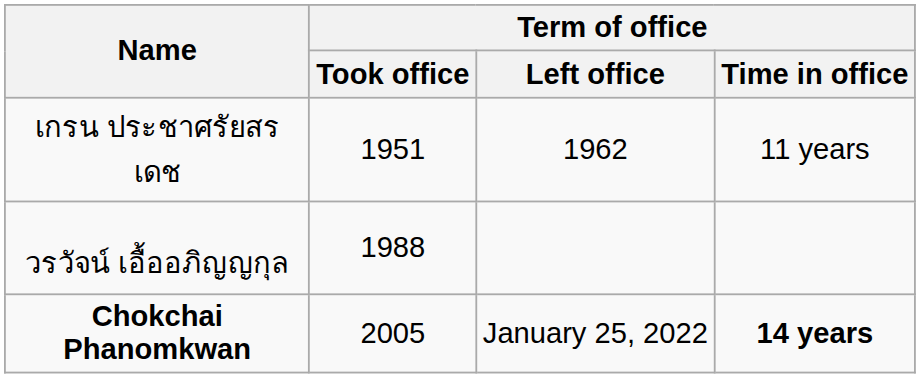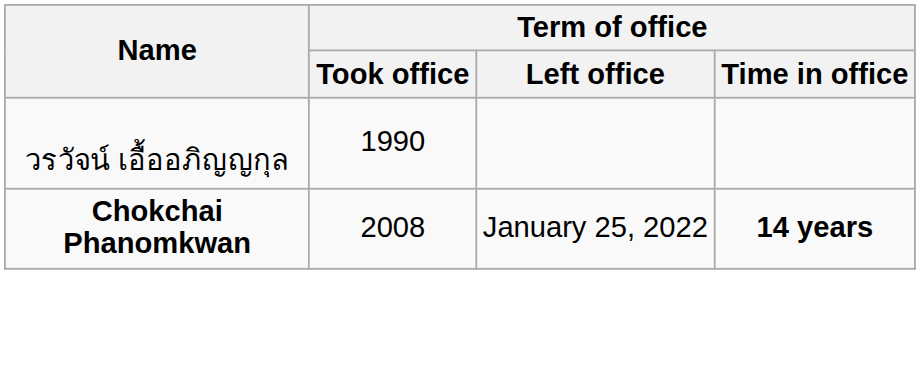 <table class="wikitable" style="text-align:center">
 <tr>
 <th rowspan="2" width="160">Name<br></th>
 <th colspan="3">Term of office</th>
 </tr>
 <tr>
 <th>Took office</th>
 <th>Left office</th>
 <th>Time in office</th>
 </tr>
 <tr>
-<td><strong></strong>เกรน ประชาศรัยสรเดช<br></td>
-<td>1951</td>
-<td>1962</td>
-<td>11 years</td>
-</tr>
-<tr>
 <td><strong></strong><br>วรวัจน์ เอื้ออภิญญกุล </td>
-<td>1988</td>
+<td>1990</td>
 <td></td>
 <td></td>
 </tr>
 <tr>
 <td><strong>Chokchai Phanomkwan</strong></td>
-<td>2005</td>
+<td>2008</td>
 <td>January 25, 2022</td>
 <td><strong>14 years</strong></td>
 </tr>
 </table>
